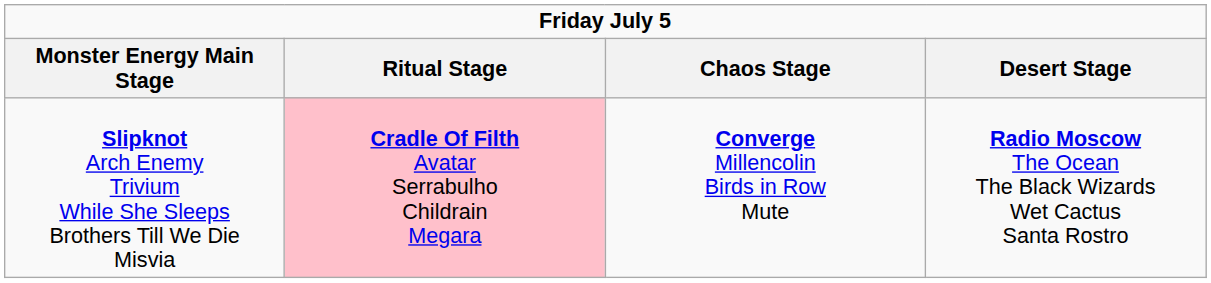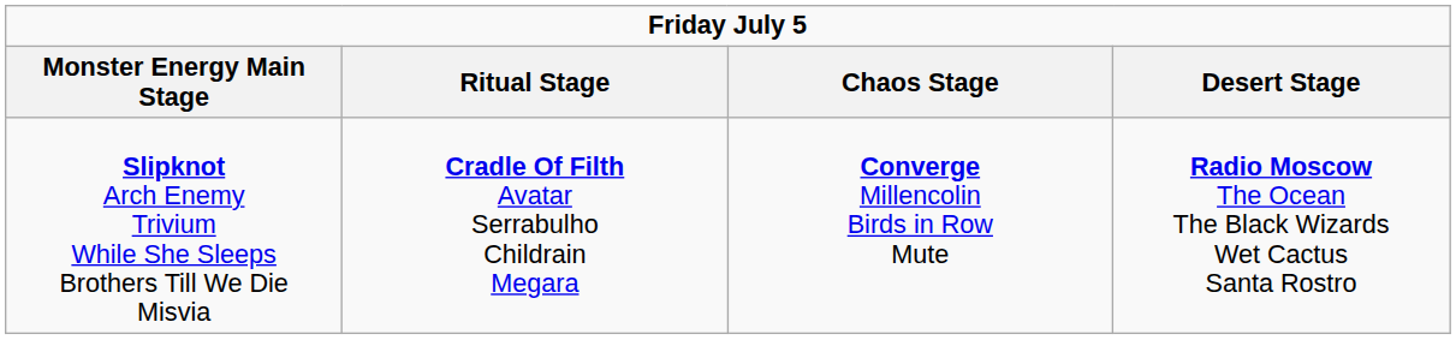 <table class="wikitable">
 <tr>
 <td colspan="4" style="text-align:center;"><strong>Friday July 5</strong></td>
 </tr>
 <tr>
 <th>Monster Energy Main Stage</th>
 <th>Ritual Stage</th>
 <th>Chaos Stage</th>
 <th>Desert Stage</th>
 </tr>
 <tr>
 <td style="text-align:center; vertical-align:top; width:200px;"><br><strong><a href='#'>Slipknot</a></strong> <br> <a href='#'>Arch Enemy</a> <br> <a href='#'>Trivium</a> <br> <a href='#'>While She Sleeps</a> <br> Brothers Till We Die <br> Misvia <br></td>
-<td style="background: pink; text-align:center; vertical-align:top; width:230px;"><br><strong><a href='#'>Cradle Of Filth</a></strong> <br> <a href='#'>Avatar</a> <br> Serrabulho <br> Childrain <br> <a href='#'>Megara</a> <br></td>
+<td style="text-align:center; vertical-align:top; width:230px;"><br><strong><a href='#'>Cradle Of Filth</a></strong> <br> <a href='#'>Avatar</a> <br> Serrabulho <br> Childrain <br> <a href='#'>Megara</a> <br></td>
 <td style="text-align:center; vertical-align:top; width:230px;"><br><strong><a href='#'>Converge</a></strong> <br> <a href='#'>Millencolin</a> <br> <a href='#'>Birds in Row</a> <br> Mute <br></td>
 <td style="text-align:center; vertical-align:top; width:200px;"><br><strong><a href='#'>Radio Moscow</a></strong> <br> <a href='#'>The Ocean</a> <br> The Black Wizards <br> Wet Cactus <br> Santa Rostro <br></td>
 </tr>
 </table>
